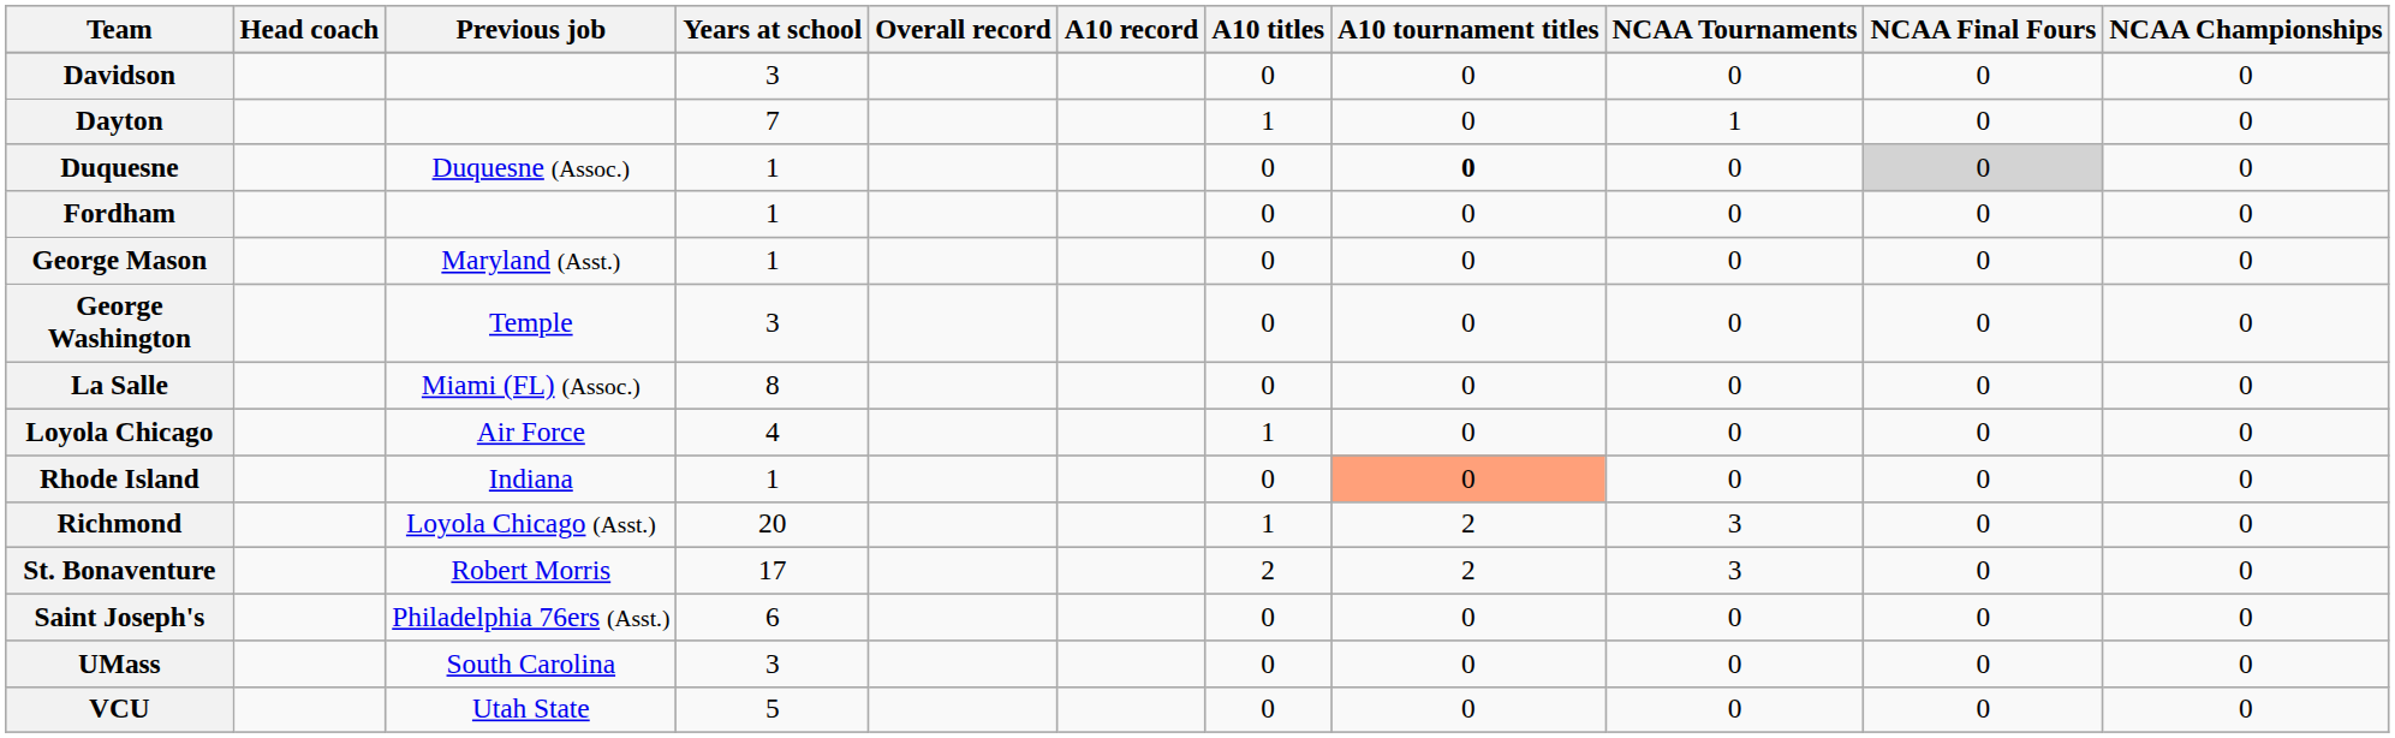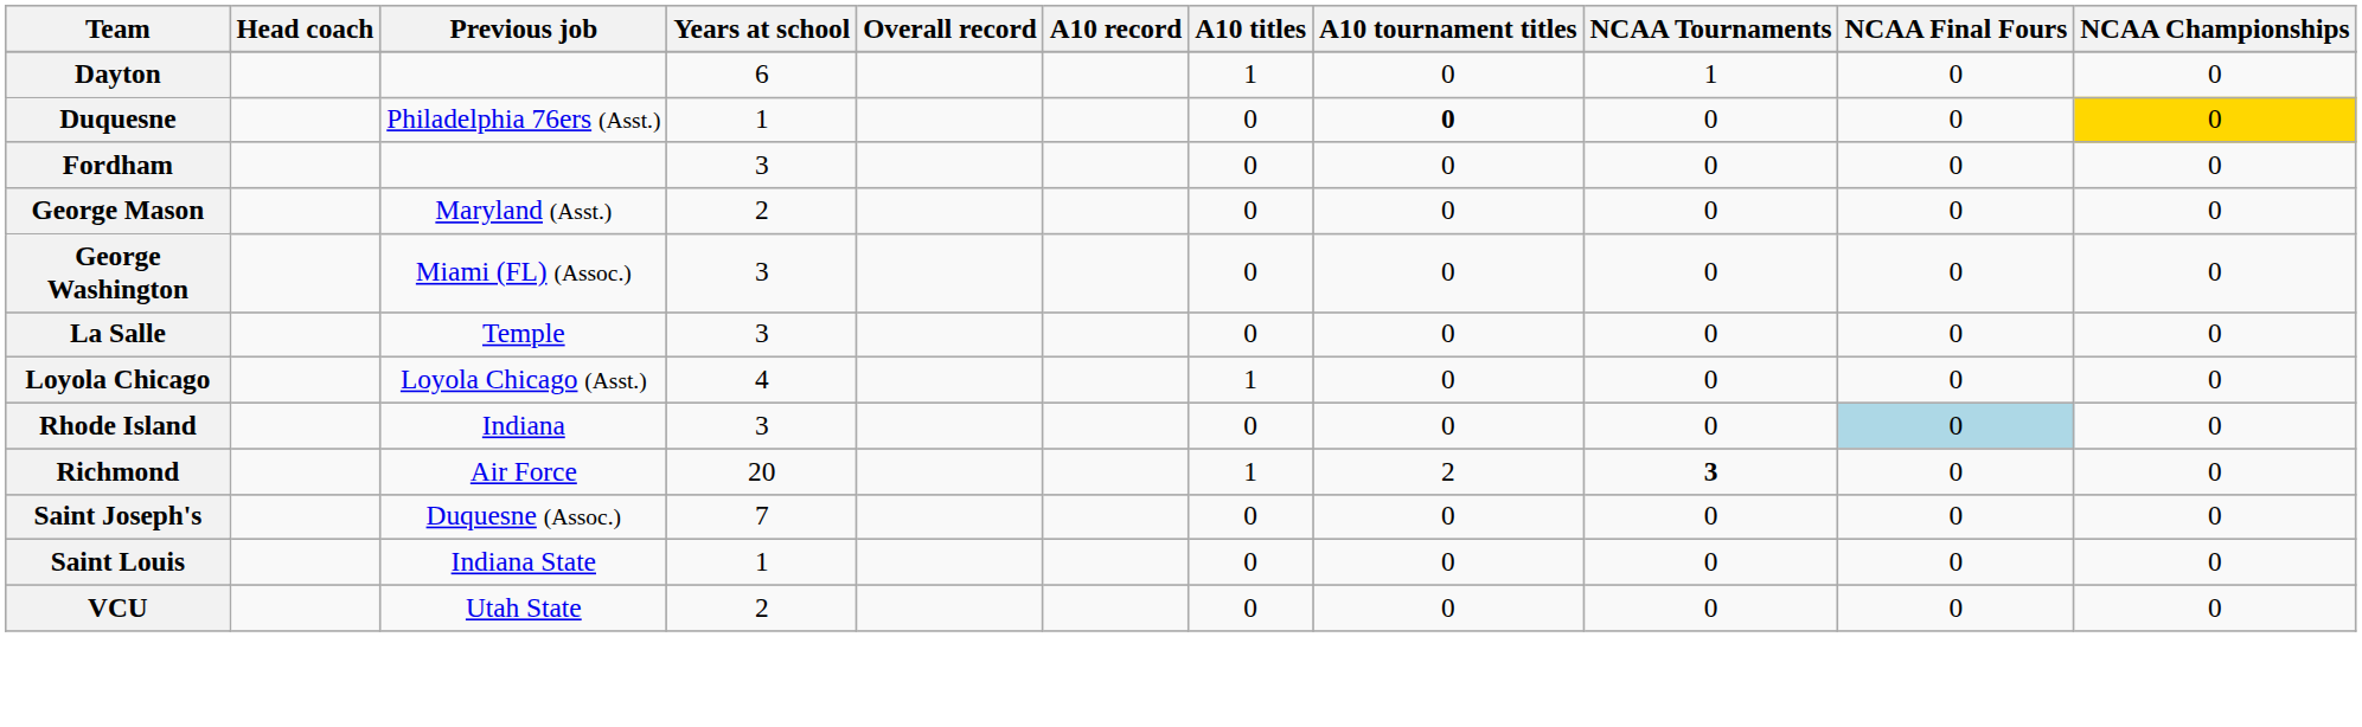 <table class="wikitable sortable" style="text-align: center;font-size:90%;">
 <tr>
 <th width="110">Team</th>
 <th>Head coach</th>
 <th>Previous job</th>
 <th>Years at school</th>
 <th>Overall record</th>
 <th>A10 record</th>
 <th>A10 titles</th>
 <th>A10 tournament titles</th>
 <th>NCAA Tournaments</th>
 <th>NCAA Final Fours</th>
 <th>NCAA Championships</th>
 </tr>
 <tr>
 </tr>
 <tr>
-<th style="position: sticky; left: 0; ">Davidson</th>
+<th style="position: sticky; left: 0; ">Dayton</th>
+<td></td>
+<td></td>
+<td>6</td>
+<td></td>
+<td></td>
+<td>1</td>
+<td>0</td>
+<td>1</td>
+<td>0</td>
+<td>0</td>
+</tr>
+<tr>
+<th style="position: sticky; left: 0; ">Duquesne</th>
+<td></td>
+<td><a href='#'>Philadelphia 76ers</a> <small>(Asst.)</small></td>
+<td>1</td>
+<td></td>
+<td></td>
+<td>0</td>
+<td><strong>0</strong></td>
+<td>0</td>
+<td>0</td>
+<td style="background: gold;">0</td>
+</tr>
+<tr>
+<th style="position: sticky; left: 0; ">Fordham</th>
 <td></td>
 <td></td>
 <td>3</td>
 <td></td>
 <td></td>
 <td>0</td>
 <td>0</td>
 <td>0</td>
 <td>0</td>
 <td>0</td>
 </tr>
 <tr>
-<th style="position: sticky; left: 0; ">Dayton</th>
-<td></td>
-<td></td>
-<td>7</td>
-<td></td>
-<td></td>
-<td>1</td>
-<td>0</td>
-<td>1</td>
-<td>0</td>
-<td>0</td>
-</tr>
-<tr>
-<th style="position: sticky; left: 0; ">Duquesne</th>
-<td></td>
-<td><a href='#'>Duquesne</a> <small>(Assoc.)</small></td>
-<td>1</td>
-<td></td>
-<td></td>
-<td>0</td>
-<td><strong>0</strong></td>
-<td>0</td>
-<td style="background: lightgrey;">0</td>
-<td>0</td>
-</tr>
-<tr>
-<th style="position: sticky; left: 0; ">Fordham</th>
-<td></td>
-<td></td>
-<td>1</td>
-<td></td>
-<td></td>
-<td>0</td>
-<td>0</td>
-<td>0</td>
-<td>0</td>
-<td>0</td>
-</tr>
-<tr>
 <th style="position: sticky; left: 0; ">George Mason</th>
 <td></td>
 <td><a href='#'>Maryland</a> <small>(Asst.)</small></td>
-<td>1</td>
+<td>2</td>
 <td></td>
 <td></td>
 <td>0</td>
 <td>0</td>
 <td>0</td>
 <td>0</td>
 <td>0</td>
 </tr>
 <tr>
 <th style="position: sticky; left: 0; ">George Washington</th>
+<td></td>
+<td><a href='#'>Miami (FL)</a> <small>(Assoc.)</small></td>
+<td>3</td>
+<td></td>
+<td></td>
+<td>0</td>
+<td>0</td>
+<td>0</td>
+<td>0</td>
+<td>0</td>
+</tr>
+<tr>
+<th style="position: sticky; left: 0; ">La Salle</th>
 <td></td>
 <td><a href='#'>Temple</a></td>
 <td>3</td>
 <td></td>
 <td></td>
 <td>0</td>
 <td>0</td>
 <td>0</td>
 <td>0</td>
 <td>0</td>
 </tr>
 <tr>
-<th style="position: sticky; left: 0; ">La Salle</th>
-<td></td>
-<td><a href='#'>Miami (FL)</a> <small>(Assoc.)</small></td>
-<td>8</td>
-<td></td>
-<td></td>
-<td>0</td>
-<td>0</td>
-<td>0</td>
-<td>0</td>
-<td>0</td>
-</tr>
-<tr>
 <th style="position: sticky; left: 0; ">Loyola Chicago</th>
 <td></td>
-<td><a href='#'>Air Force</a></td>
+<td><a href='#'>Loyola Chicago</a> <small>(Asst.)</small></td>
 <td>4</td>
 <td></td>
 <td></td>
 <td>1</td>
 <td>0</td>
 <td>0</td>
 <td>0</td>
 <td>0</td>
 </tr>
 <tr>
 <th style="position: sticky; left: 0; ">Rhode Island</th>
 <td></td>
 <td><a href='#'>Indiana</a></td>
-<td>1</td>
+<td>3</td>
 <td></td>
 <td></td>
 <td>0</td>
-<td style="background: lightsalmon;">0</td>
 <td>0</td>
 <td>0</td>
+<td style="background: lightblue;">0</td>
 <td>0</td>
 </tr>
 <tr>
 <th style="position: sticky; left: 0; ">Richmond</th>
 <td></td>
-<td><a href='#'>Loyola Chicago</a> <small>(Asst.)</small></td>
+<td><a href='#'>Air Force</a></td>
 <td>20</td>
 <td></td>
 <td></td>
 <td>1</td>
 <td>2</td>
-<td>3</td>
-<td>0</td>
-<td>0</td>
-</tr>
-<tr>
-<th style="position: sticky; left: 0; ">St. Bonaventure</th>
-<td></td>
-<td><a href='#'>Robert Morris</a></td>
-<td>17</td>
-<td></td>
-<td></td>
-<td>2</td>
-<td>2</td>
-<td>3</td>
+<td><strong>3</strong></td>
 <td>0</td>
 <td>0</td>
 </tr>
 <tr>
 <th style="position: sticky; left: 0; ">Saint Joseph's</th>
 <td></td>
-<td><a href='#'>Philadelphia 76ers</a> <small>(Asst.)</small></td>
-<td>6</td>
+<td><a href='#'>Duquesne</a> <small>(Assoc.)</small></td>
+<td>7</td>
 <td></td>
 <td></td>
 <td>0</td>
 <td>0</td>
 <td>0</td>
 <td>0</td>
 <td>0</td>
 </tr>
 <tr>
-<th style="position: sticky; left: 0; ">UMass</th>
+<th style="position: sticky; left: 0; ">Saint Louis</th>
 <td></td>
-<td><a href='#'>South Carolina</a></td>
-<td>3</td>
+<td><a href='#'>Indiana State</a></td>
+<td>1</td>
 <td></td>
 <td></td>
 <td>0</td>
 <td>0</td>
 <td>0</td>
 <td>0</td>
 <td>0</td>
 </tr>
 <tr>
 <th style="position: sticky; left: 0; ">VCU</th>
 <td></td>
 <td><a href='#'>Utah State</a></td>
-<td>5</td>
+<td>2</td>
 <td></td>
 <td></td>
 <td>0</td>
 <td>0</td>
 <td>0</td>
 <td>0</td>
 <td>0</td>
 </tr>
 </table>
